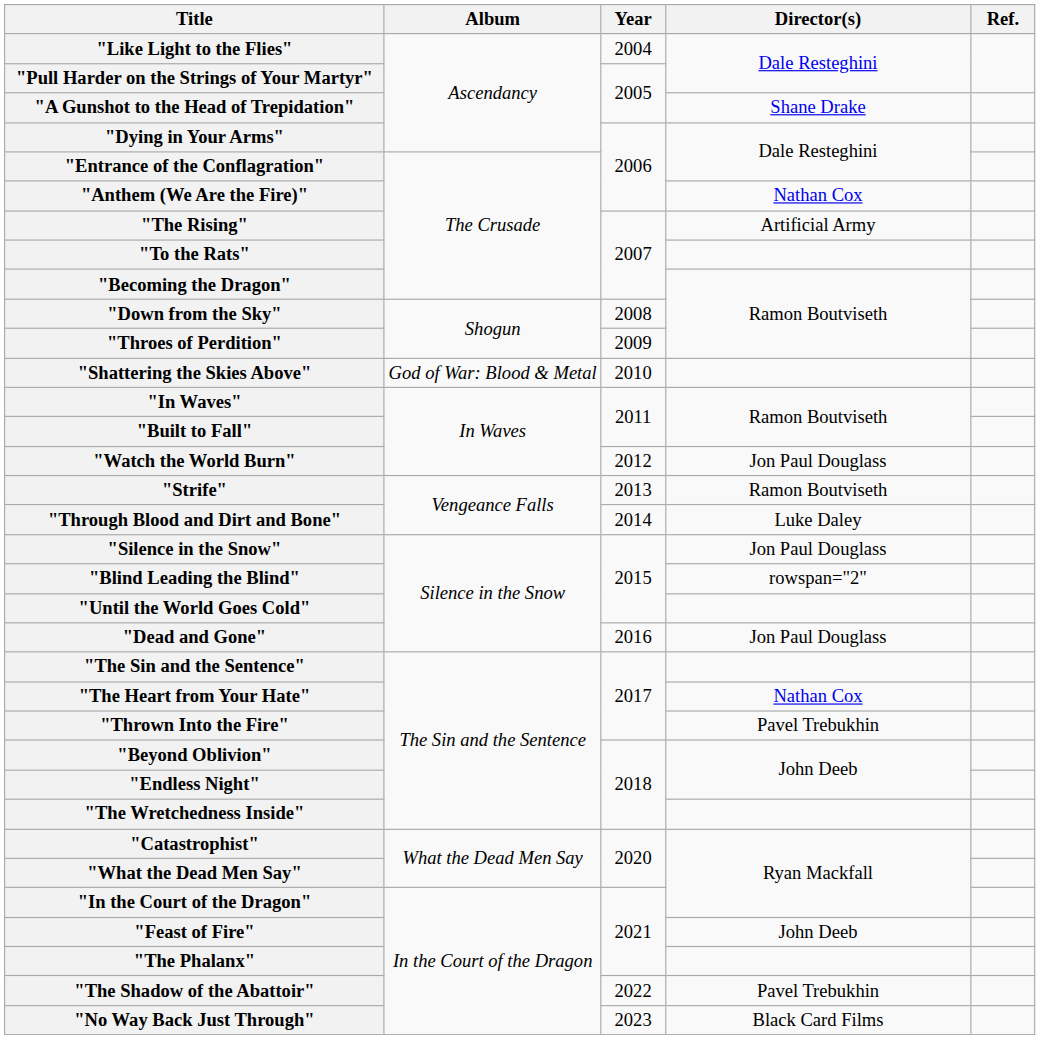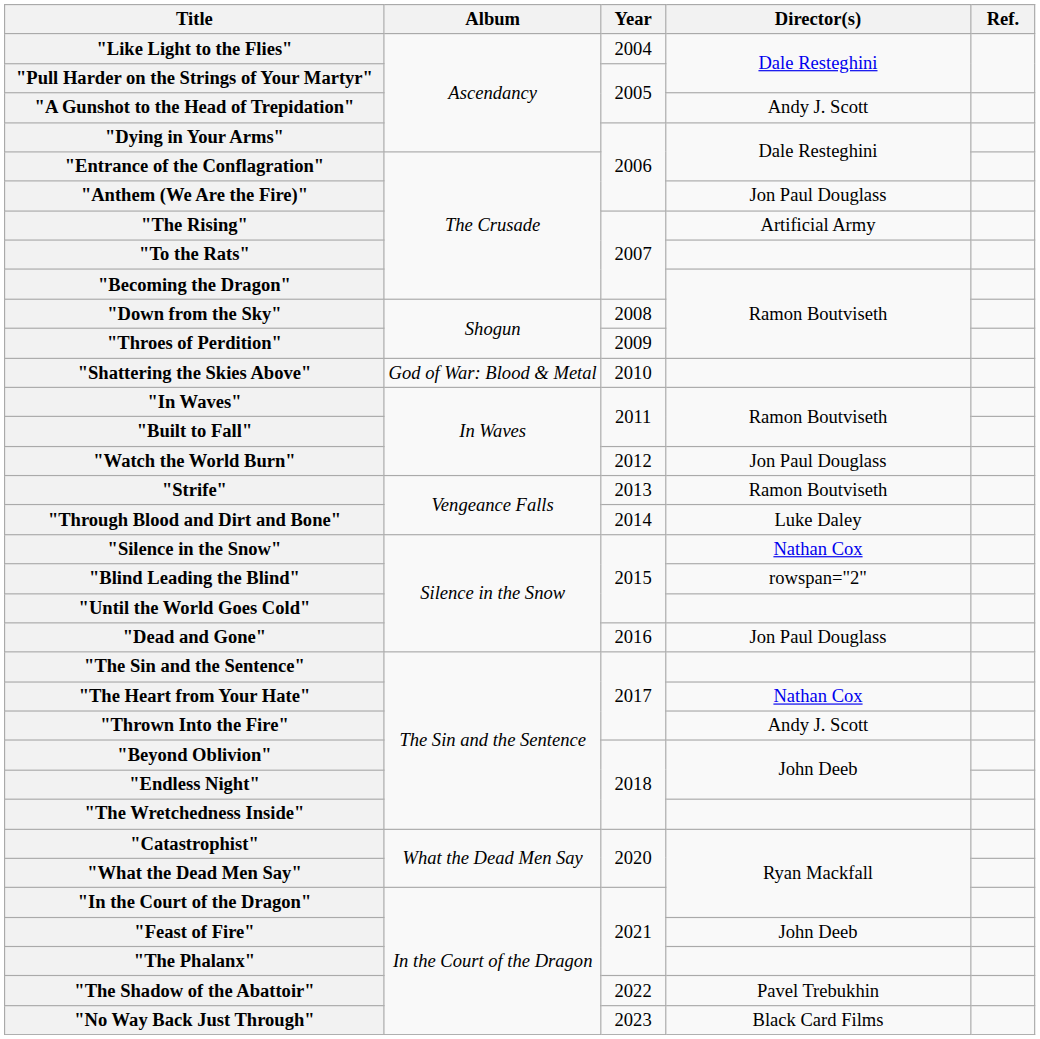 <table class="wikitable plainrowheaders" style="text-align:center;">
 <tr>
 <th scope="col" style="width:20em;">Title</th>
 <th>Album</th>
 <th scope="col" style="width:3em;">Year</th>
 <th scope="col" style="width:16em;">Director(s)</th>
 <th scope="col" style="width:3em;">Ref.</th>
 </tr>
 <tr>
 <th scope="row">"Like Light to the Flies"</th>
 <td rowspan="4"><em>Ascendancy</em></td>
 <td>2004</td>
 <td rowspan="2"><a href='#'>Dale Resteghini</a></td>
 <td rowspan="2"></td>
 </tr>
 <tr>
 <th scope="row">"Pull Harder on the Strings of Your Martyr"</th>
 <td rowspan="2">2005</td>
 </tr>
 <tr>
 <th scope="row">"A Gunshot to the Head of Trepidation"</th>
-<td><a href='#'>Shane Drake</a></td>
+<td>Andy J. Scott</td>
 <td></td>
 </tr>
 <tr>
 <th scope="row">"Dying in Your Arms"</th>
 <td rowspan="3">2006</td>
 <td rowspan="2">Dale Resteghini</td>
 <td></td>
 </tr>
 <tr>
 <th scope="row">"Entrance of the Conflagration"</th>
 <td rowspan="5"><em>The Crusade</em></td>
 <td></td>
 </tr>
 <tr>
 <th scope="row">"Anthem (We Are the Fire)"</th>
-<td><a href='#'>Nathan Cox</a></td>
+<td>Jon Paul Douglass</td>
 <td></td>
 </tr>
 <tr>
 <th scope="row">"The Rising"</th>
 <td rowspan="3">2007</td>
 <td>Artificial Army</td>
 <td></td>
 </tr>
 <tr>
 <th scope="row">"To the Rats"</th>
 <td></td>
 <td></td>
 </tr>
 <tr>
 <th scope="row">"Becoming the Dragon"</th>
 <td rowspan="3">Ramon Boutviseth</td>
 <td></td>
 </tr>
 <tr>
 <th scope="row">"Down from the Sky"</th>
 <td rowspan="2"><em>Shogun</em></td>
 <td>2008</td>
 <td></td>
 </tr>
 <tr>
 <th scope="row">"Throes of Perdition"</th>
 <td>2009</td>
 <td></td>
 </tr>
 <tr>
 <th scope="row">"Shattering the Skies Above"</th>
 <td><em>God of War: Blood & Metal</em></td>
 <td>2010</td>
 <td></td>
 <td></td>
 </tr>
 <tr>
 <th scope="row">"In Waves"</th>
 <td rowspan="3"><em>In Waves</em></td>
 <td rowspan="2">2011</td>
 <td rowspan="2">Ramon Boutviseth</td>
 <td></td>
 </tr>
 <tr>
 <th scope="row">"Built to Fall"</th>
 <td></td>
 </tr>
 <tr>
 <th scope="row">"Watch the World Burn"</th>
 <td>2012</td>
 <td>Jon Paul Douglass</td>
 <td></td>
 </tr>
 <tr>
 <th scope="row">"Strife"</th>
 <td rowspan="2"><em>Vengeance Falls</em></td>
 <td>2013</td>
 <td>Ramon Boutviseth</td>
 <td></td>
 </tr>
 <tr>
 <th scope="row">"Through Blood and Dirt and Bone"</th>
 <td>2014</td>
 <td>Luke Daley</td>
 <td></td>
 </tr>
 <tr>
 <th scope="row">"Silence in the Snow"</th>
 <td rowspan="4"><em>Silence in the Snow</em></td>
 <td rowspan="3">2015</td>
-<td>Jon Paul Douglass</td>
+<td><a href='#'>Nathan Cox</a></td>
 <td></td>
 </tr>
 <tr>
 <th scope="row">"Blind Leading the Blind"</th>
 <td>rowspan="2" </td>
 <td></td>
 </tr>
 <tr>
 <th scope="row">"Until the World Goes Cold"</th>
 <td></td>
 </tr>
 <tr>
 <th scope="row">"Dead and Gone"</th>
 <td>2016</td>
 <td>Jon Paul Douglass</td>
 <td></td>
 </tr>
 <tr>
 <th scope="row">"The Sin and the Sentence"</th>
 <td rowspan="6"><em>The Sin and the Sentence</em></td>
 <td rowspan="3">2017</td>
 <td></td>
 <td></td>
 </tr>
 <tr>
 <th scope="row">"The Heart from Your Hate"</th>
 <td><a href='#'>Nathan Cox</a></td>
 <td></td>
 </tr>
 <tr>
 <th scope="row">"Thrown Into the Fire"</th>
-<td>Pavel Trebukhin</td>
+<td>Andy J. Scott</td>
 <td></td>
 </tr>
 <tr>
 <th scope="row">"Beyond Oblivion"</th>
 <td rowspan="3">2018</td>
 <td rowspan="2">John Deeb</td>
 <td></td>
 </tr>
 <tr>
 <th scope="row">"Endless Night"</th>
 <td></td>
 </tr>
 <tr>
 <th scope="row">"The Wretchedness Inside"</th>
 <td></td>
 <td></td>
 </tr>
 <tr>
 <th scope="row">"Catastrophist"</th>
 <td rowspan="2"><em>What the Dead Men Say</em></td>
 <td rowspan="2">2020</td>
 <td rowspan="3">Ryan Mackfall</td>
 <td></td>
 </tr>
 <tr>
 <th scope="row">"What the Dead Men Say"</th>
 <td></td>
 </tr>
 <tr>
 <th scope="row">"In the Court of the Dragon"</th>
 <td rowspan="5"><em>In the Court of the Dragon</em></td>
 <td rowspan="3">2021</td>
 <td></td>
 </tr>
 <tr>
 <th scope="row">"Feast of Fire"</th>
 <td>John Deeb</td>
 <td></td>
 </tr>
 <tr>
 <th scope="row">"The Phalanx"</th>
 <td></td>
 <td></td>
 </tr>
 <tr>
 <th scope="row">"The Shadow of the Abattoir"</th>
 <td>2022</td>
 <td>Pavel Trebukhin</td>
 <td></td>
 </tr>
 <tr>
 <th scope="row">"No Way Back Just Through"</th>
 <td>2023</td>
 <td>Black Card Films</td>
 <td></td>
 </tr>
 </table>
